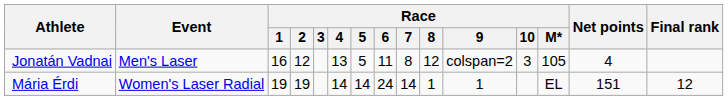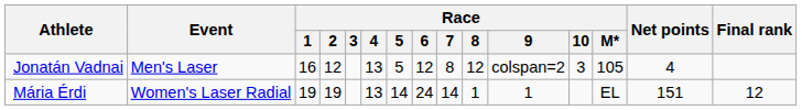 <table class="wikitable" style="font-size:90%">
 <tr>
 <th rowspan="2">Athlete</th>
 <th rowspan="2">Event</th>
 <th colspan=11>Race</th>
 <th rowspan=2>Net points</th>
 <th rowspan=2>Final rank</th>
 </tr>
 <tr style="font-size:95%">
 <th>1</th>
 <th>2</th>
 <th>3</th>
 <th>4</th>
 <th>5</th>
 <th>6</th>
 <th>7</th>
 <th>8</th>
 <th>9</th>
 <th>10</th>
 <th>M*</th>
 </tr>
 <tr align=center>
 <td align=left> <a href='#'>Jonatán Vadnai</a></td>
 <td align=left><a href='#'>Men's Laser</a></td>
 <td>16</td>
 <td>12</td>
 <td></td>
 <td>13</td>
 <td>5</td>
-<td>11</td>
+<td>12</td>
 <td>8</td>
 <td>12</td>
 <td>colspan=2 </td>
 <td>3</td>
 <td>105</td>
 <td>4</td>
 </tr>
 <tr align=center>
 <td align=left> <a href='#'>Mária Érdi</a></td>
 <td align=left><a href='#'>Women's Laser Radial</a></td>
 <td>19</td>
 <td>19</td>
 <td></td>
-<td>14</td>
+<td>13</td>
 <td>14</td>
 <td>24</td>
 <td>14</td>
 <td>1</td>
 <td>1</td>
 <td></td>
 <td>EL</td>
 <td>151</td>
 <td>12</td>
 </tr>
 </table>
